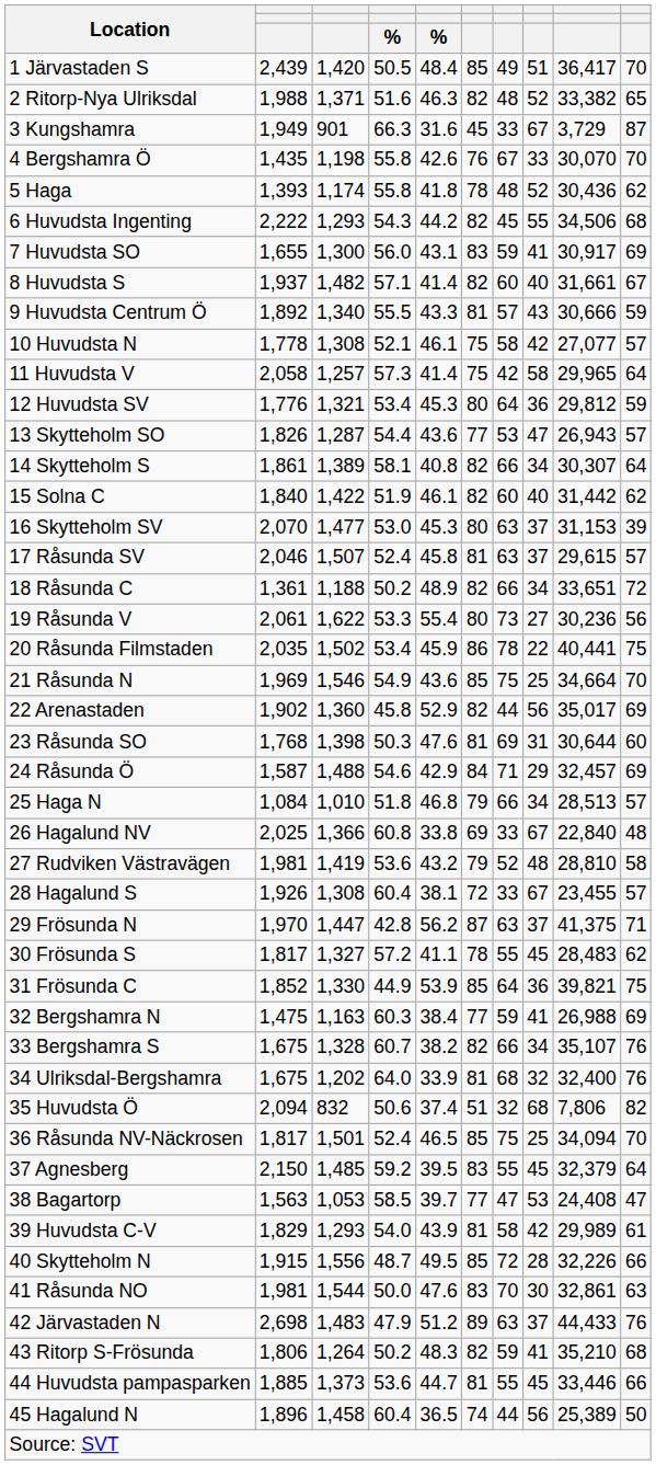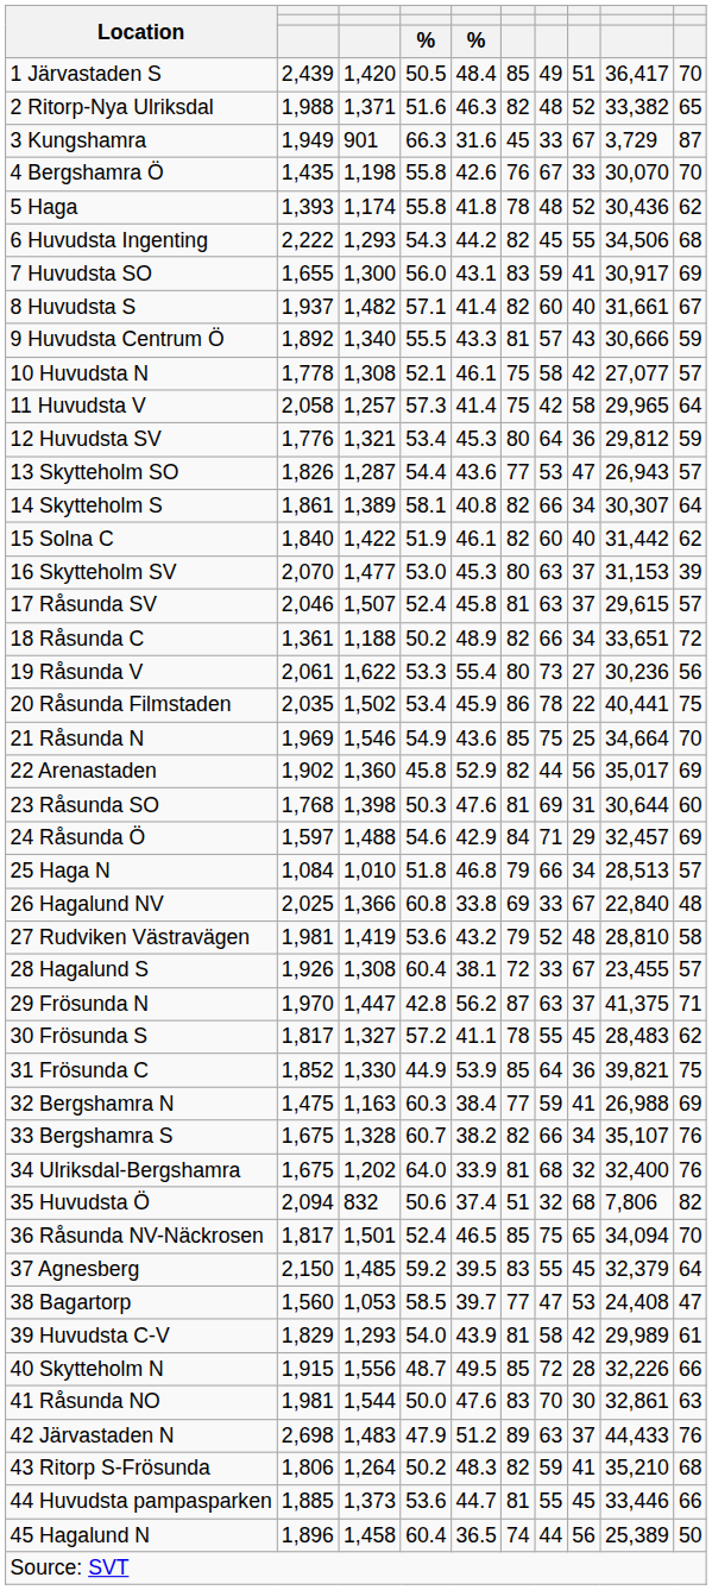 <table role="presentation" class="wikitable sortable mw-collapsible mw-collapsed">
 <tr>
 <th rowspan="3">Location</th>
 <th></th>
 <th></th>
 <th></th>
 <th></th>
 <th></th>
 <th></th>
 <th></th>
 <th></th>
 <th></th>
 </tr>
 <tr>
 <th></th>
 <th></th>
 <th style="background:"></th>
 <th style="background:"></th>
 <th></th>
 <th></th>
 <th></th>
 <th></th>
 <th></th>
 </tr>
 <tr>
 <th data-sort-type="number"></th>
 <th data-sort-type="number"></th>
 <th data-sort-type="number">%</th>
 <th data-sort-type="number">%</th>
 <th data-sort-type="number"></th>
 <th data-sort-type="number"></th>
 <th data-sort-type="number"></th>
 <th data-sort-type="number"></th>
 <th data-sort-type="number"></th>
 </tr>
 <tr>
 <td align="left">1 Järvastaden S</td>
 <td>2,439</td>
 <td>1,420</td>
 <td>50.5</td>
 <td>48.4</td>
 <td>85</td>
 <td>49</td>
 <td>51</td>
 <td>36,417</td>
 <td>70</td>
 </tr>
 <tr>
 <td align="left">2 Ritorp-Nya Ulriksdal</td>
 <td>1,988</td>
 <td>1,371</td>
 <td>51.6</td>
 <td>46.3</td>
 <td>82</td>
 <td>48</td>
 <td>52</td>
 <td>33,382</td>
 <td>65</td>
 </tr>
 <tr>
 <td align="left">3 Kungshamra</td>
 <td>1,949</td>
 <td>901</td>
 <td>66.3</td>
 <td>31.6</td>
 <td>45</td>
 <td>33</td>
 <td>67</td>
 <td>3,729</td>
 <td>87</td>
 </tr>
 <tr>
 <td align="left">4 Bergshamra Ö</td>
 <td>1,435</td>
 <td>1,198</td>
 <td>55.8</td>
 <td>42.6</td>
 <td>76</td>
 <td>67</td>
 <td>33</td>
 <td>30,070</td>
 <td>70</td>
 </tr>
 <tr>
 <td align="left">5 Haga</td>
 <td>1,393</td>
 <td>1,174</td>
 <td>55.8</td>
 <td>41.8</td>
 <td>78</td>
 <td>48</td>
 <td>52</td>
 <td>30,436</td>
 <td>62</td>
 </tr>
 <tr>
 <td align="left">6 Huvudsta Ingenting</td>
 <td>2,222</td>
 <td>1,293</td>
 <td>54.3</td>
 <td>44.2</td>
 <td>82</td>
 <td>45</td>
 <td>55</td>
 <td>34,506</td>
 <td>68</td>
 </tr>
 <tr>
 <td align="left">7 Huvudsta SO</td>
 <td>1,655</td>
 <td>1,300</td>
 <td>56.0</td>
 <td>43.1</td>
 <td>83</td>
 <td>59</td>
 <td>41</td>
 <td>30,917</td>
 <td>69</td>
 </tr>
 <tr>
 <td align="left">8 Huvudsta S</td>
 <td>1,937</td>
 <td>1,482</td>
 <td>57.1</td>
 <td>41.4</td>
 <td>82</td>
 <td>60</td>
 <td>40</td>
 <td>31,661</td>
 <td>67</td>
 </tr>
 <tr>
 <td align="left">9 Huvudsta Centrum Ö</td>
 <td>1,892</td>
 <td>1,340</td>
 <td>55.5</td>
 <td>43.3</td>
 <td>81</td>
 <td>57</td>
 <td>43</td>
 <td>30,666</td>
 <td>59</td>
 </tr>
 <tr>
 <td align="left">10 Huvudsta N</td>
 <td>1,778</td>
 <td>1,308</td>
 <td>52.1</td>
 <td>46.1</td>
 <td>75</td>
 <td>58</td>
 <td>42</td>
 <td>27,077</td>
 <td>57</td>
 </tr>
 <tr>
 <td align="left">11 Huvudsta V</td>
 <td>2,058</td>
 <td>1,257</td>
 <td>57.3</td>
 <td>41.4</td>
 <td>75</td>
 <td>42</td>
 <td>58</td>
 <td>29,965</td>
 <td>64</td>
 </tr>
 <tr>
 <td align="left">12 Huvudsta SV</td>
 <td>1,776</td>
 <td>1,321</td>
 <td>53.4</td>
 <td>45.3</td>
 <td>80</td>
 <td>64</td>
 <td>36</td>
 <td>29,812</td>
 <td>59</td>
 </tr>
 <tr>
 <td align="left">13 Skytteholm SO</td>
 <td>1,826</td>
 <td>1,287</td>
 <td>54.4</td>
 <td>43.6</td>
 <td>77</td>
 <td>53</td>
 <td>47</td>
 <td>26,943</td>
 <td>57</td>
 </tr>
 <tr>
 <td align="left">14 Skytteholm S</td>
 <td>1,861</td>
 <td>1,389</td>
 <td>58.1</td>
 <td>40.8</td>
 <td>82</td>
 <td>66</td>
 <td>34</td>
 <td>30,307</td>
 <td>64</td>
 </tr>
 <tr>
 <td align="left">15 Solna C</td>
 <td>1,840</td>
 <td>1,422</td>
 <td>51.9</td>
 <td>46.1</td>
 <td>82</td>
 <td>60</td>
 <td>40</td>
 <td>31,442</td>
 <td>62</td>
 </tr>
 <tr>
 <td align="left">16 Skytteholm SV</td>
 <td>2,070</td>
 <td>1,477</td>
 <td>53.0</td>
 <td>45.3</td>
 <td>80</td>
 <td>63</td>
 <td>37</td>
 <td>31,153</td>
 <td>39</td>
 </tr>
 <tr>
 <td align="left">17 Råsunda SV</td>
 <td>2,046</td>
 <td>1,507</td>
 <td>52.4</td>
 <td>45.8</td>
 <td>81</td>
 <td>63</td>
 <td>37</td>
 <td>29,615</td>
 <td>57</td>
 </tr>
 <tr>
 <td align="left">18 Råsunda C</td>
 <td>1,361</td>
 <td>1,188</td>
 <td>50.2</td>
 <td>48.9</td>
 <td>82</td>
 <td>66</td>
 <td>34</td>
 <td>33,651</td>
 <td>72</td>
 </tr>
 <tr>
 <td align="left">19 Råsunda V</td>
 <td>2,061</td>
 <td>1,622</td>
 <td>53.3</td>
 <td>55.4</td>
 <td>80</td>
 <td>73</td>
 <td>27</td>
 <td>30,236</td>
 <td>56</td>
 </tr>
 <tr>
 <td align="left">20 Råsunda Filmstaden</td>
 <td>2,035</td>
 <td>1,502</td>
 <td>53.4</td>
 <td>45.9</td>
 <td>86</td>
 <td>78</td>
 <td>22</td>
 <td>40,441</td>
 <td>75</td>
 </tr>
 <tr>
 <td align="left">21 Råsunda N</td>
 <td>1,969</td>
 <td>1,546</td>
 <td>54.9</td>
 <td>43.6</td>
 <td>85</td>
 <td>75</td>
 <td>25</td>
 <td>34,664</td>
 <td>70</td>
 </tr>
 <tr>
 <td align="left">22 Arenastaden</td>
 <td>1,902</td>
 <td>1,360</td>
 <td>45.8</td>
 <td>52.9</td>
 <td>82</td>
 <td>44</td>
 <td>56</td>
 <td>35,017</td>
 <td>69</td>
 </tr>
 <tr>
 <td align="left">23 Råsunda SO</td>
 <td>1,768</td>
 <td>1,398</td>
 <td>50.3</td>
 <td>47.6</td>
 <td>81</td>
 <td>69</td>
 <td>31</td>
 <td>30,644</td>
 <td>60</td>
 </tr>
 <tr>
 <td align="left">24 Råsunda Ö</td>
-<td>1,587</td>
+<td>1,597</td>
 <td>1,488</td>
 <td>54.6</td>
 <td>42.9</td>
 <td>84</td>
 <td>71</td>
 <td>29</td>
 <td>32,457</td>
 <td>69</td>
 </tr>
 <tr>
 <td align="left">25 Haga N</td>
 <td>1,084</td>
 <td>1,010</td>
 <td>51.8</td>
 <td>46.8</td>
 <td>79</td>
 <td>66</td>
 <td>34</td>
 <td>28,513</td>
 <td>57</td>
 </tr>
 <tr>
 <td align="left">26 Hagalund NV</td>
 <td>2,025</td>
 <td>1,366</td>
 <td>60.8</td>
 <td>33.8</td>
 <td>69</td>
 <td>33</td>
 <td>67</td>
 <td>22,840</td>
 <td>48</td>
 </tr>
 <tr>
 <td align="left">27 Rudviken Västravägen</td>
 <td>1,981</td>
 <td>1,419</td>
 <td>53.6</td>
 <td>43.2</td>
 <td>79</td>
 <td>52</td>
 <td>48</td>
 <td>28,810</td>
 <td>58</td>
 </tr>
 <tr>
 <td align="left">28 Hagalund S</td>
 <td>1,926</td>
 <td>1,308</td>
 <td>60.4</td>
 <td>38.1</td>
 <td>72</td>
 <td>33</td>
 <td>67</td>
 <td>23,455</td>
 <td>57</td>
 </tr>
 <tr>
 <td align="left">29 Frösunda N</td>
 <td>1,970</td>
 <td>1,447</td>
 <td>42.8</td>
 <td>56.2</td>
 <td>87</td>
 <td>63</td>
 <td>37</td>
 <td>41,375</td>
 <td>71</td>
 </tr>
 <tr>
 <td align="left">30 Frösunda S</td>
 <td>1,817</td>
 <td>1,327</td>
 <td>57.2</td>
 <td>41.1</td>
 <td>78</td>
 <td>55</td>
 <td>45</td>
 <td>28,483</td>
 <td>62</td>
 </tr>
 <tr>
 <td align="left">31 Frösunda C</td>
 <td>1,852</td>
 <td>1,330</td>
 <td>44.9</td>
 <td>53.9</td>
 <td>85</td>
 <td>64</td>
 <td>36</td>
 <td>39,821</td>
 <td>75</td>
 </tr>
 <tr>
 <td align="left">32 Bergshamra N</td>
 <td>1,475</td>
 <td>1,163</td>
 <td>60.3</td>
 <td>38.4</td>
 <td>77</td>
 <td>59</td>
 <td>41</td>
 <td>26,988</td>
 <td>69</td>
 </tr>
 <tr>
 <td align="left">33 Bergshamra S</td>
 <td>1,675</td>
 <td>1,328</td>
 <td>60.7</td>
 <td>38.2</td>
 <td>82</td>
 <td>66</td>
 <td>34</td>
 <td>35,107</td>
 <td>76</td>
 </tr>
 <tr>
 <td align="left">34 Ulriksdal-Bergshamra</td>
 <td>1,675</td>
 <td>1,202</td>
 <td>64.0</td>
 <td>33.9</td>
 <td>81</td>
 <td>68</td>
 <td>32</td>
 <td>32,400</td>
 <td>76</td>
 </tr>
 <tr>
 <td align="left">35 Huvudsta Ö</td>
 <td>2,094</td>
 <td>832</td>
 <td>50.6</td>
 <td>37.4</td>
 <td>51</td>
 <td>32</td>
 <td>68</td>
 <td>7,806</td>
 <td>82</td>
 </tr>
 <tr>
 <td align="left">36 Råsunda NV-Näckrosen</td>
 <td>1,817</td>
 <td>1,501</td>
 <td>52.4</td>
 <td>46.5</td>
 <td>85</td>
 <td>75</td>
-<td>25</td>
+<td>65</td>
 <td>34,094</td>
 <td>70</td>
 </tr>
 <tr>
 <td align="left">37 Agnesberg</td>
 <td>2,150</td>
 <td>1,485</td>
 <td>59.2</td>
 <td>39.5</td>
 <td>83</td>
 <td>55</td>
 <td>45</td>
 <td>32,379</td>
 <td>64</td>
 </tr>
 <tr>
 <td align="left">38 Bagartorp</td>
-<td>1,563</td>
+<td>1,560</td>
 <td>1,053</td>
 <td>58.5</td>
 <td>39.7</td>
 <td>77</td>
 <td>47</td>
 <td>53</td>
 <td>24,408</td>
 <td>47</td>
 </tr>
 <tr>
 <td align="left">39 Huvudsta C-V</td>
 <td>1,829</td>
 <td>1,293</td>
 <td>54.0</td>
 <td>43.9</td>
 <td>81</td>
 <td>58</td>
 <td>42</td>
 <td>29,989</td>
 <td>61</td>
 </tr>
 <tr>
 <td align="left">40 Skytteholm N</td>
 <td>1,915</td>
 <td>1,556</td>
 <td>48.7</td>
 <td>49.5</td>
 <td>85</td>
 <td>72</td>
 <td>28</td>
 <td>32,226</td>
 <td>66</td>
 </tr>
 <tr>
 <td align="left">41 Råsunda NO</td>
 <td>1,981</td>
 <td>1,544</td>
 <td>50.0</td>
 <td>47.6</td>
 <td>83</td>
 <td>70</td>
 <td>30</td>
 <td>32,861</td>
 <td>63</td>
 </tr>
 <tr>
 <td align="left">42 Järvastaden N</td>
 <td>2,698</td>
 <td>1,483</td>
 <td>47.9</td>
 <td>51.2</td>
 <td>89</td>
 <td>63</td>
 <td>37</td>
 <td>44,433</td>
 <td>76</td>
 </tr>
 <tr>
 <td align="left">43 Ritorp S-Frösunda</td>
 <td>1,806</td>
 <td>1,264</td>
 <td>50.2</td>
 <td>48.3</td>
 <td>82</td>
 <td>59</td>
 <td>41</td>
 <td>35,210</td>
 <td>68</td>
 </tr>
 <tr>
 <td align="left">44 Huvudsta pampasparken</td>
 <td>1,885</td>
 <td>1,373</td>
 <td>53.6</td>
 <td>44.7</td>
 <td>81</td>
 <td>55</td>
 <td>45</td>
 <td>33,446</td>
 <td>66</td>
 </tr>
 <tr>
 <td align="left">45 Hagalund N</td>
 <td>1,896</td>
 <td>1,458</td>
 <td>60.4</td>
 <td>36.5</td>
 <td>74</td>
 <td>44</td>
 <td>56</td>
 <td>25,389</td>
 <td>50</td>
 </tr>
 <tr>
 <td colspan="10" align="left">Source: <a href='#'>SVT</a></td>
 </tr>
 </table>
